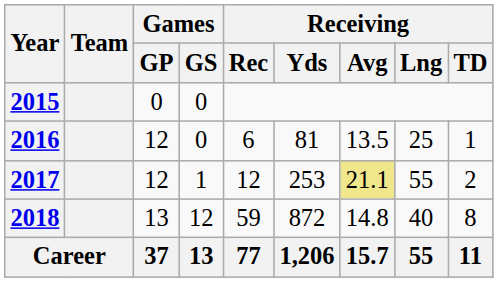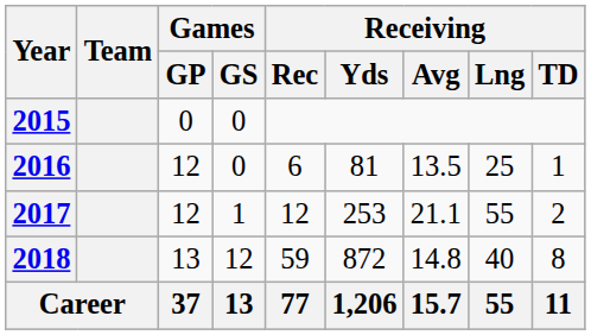 <table class="wikitable" style="text-align:center;">
 <tr>
 <th rowspan="2">Year</th>
 <th rowspan="2">Team</th>
 <th colspan="2">Games</th>
 <th colspan="5">Receiving</th>
 </tr>
 <tr>
 <th>GP</th>
 <th>GS</th>
 <th>Rec</th>
 <th>Yds</th>
 <th>Avg</th>
 <th>Lng</th>
 <th>TD</th>
 </tr>
 <tr>
 <th><a href='#'>2015</a></th>
 <th><a href='#'></a></th>
 <td>0</td>
 <td>0</td>
 <td colspan="5"></td>
 </tr>
 <tr>
 <th><a href='#'>2016</a></th>
 <th><a href='#'></a></th>
 <td>12</td>
 <td>0</td>
 <td>6</td>
 <td>81</td>
 <td>13.5</td>
 <td>25</td>
 <td>1</td>
 </tr>
 <tr>
 <th><a href='#'>2017</a></th>
 <th><a href='#'></a></th>
 <td>12</td>
 <td>1</td>
 <td>12</td>
 <td>253</td>
-<td style="background: khaki;">21.1</td>
+<td>21.1</td>
 <td>55</td>
 <td>2</td>
 </tr>
 <tr>
 <th><a href='#'>2018</a></th>
 <th><a href='#'></a></th>
 <td>13</td>
 <td>12</td>
 <td>59</td>
 <td>872</td>
 <td>14.8</td>
 <td>40</td>
 <td>8</td>
 </tr>
 <tr>
 <th align=center colspan="2">Career</th>
 <th>37</th>
 <th>13</th>
 <th>77</th>
 <th>1,206</th>
 <th>15.7</th>
 <th>55</th>
 <th>11</th>
 </tr>
 </table>
